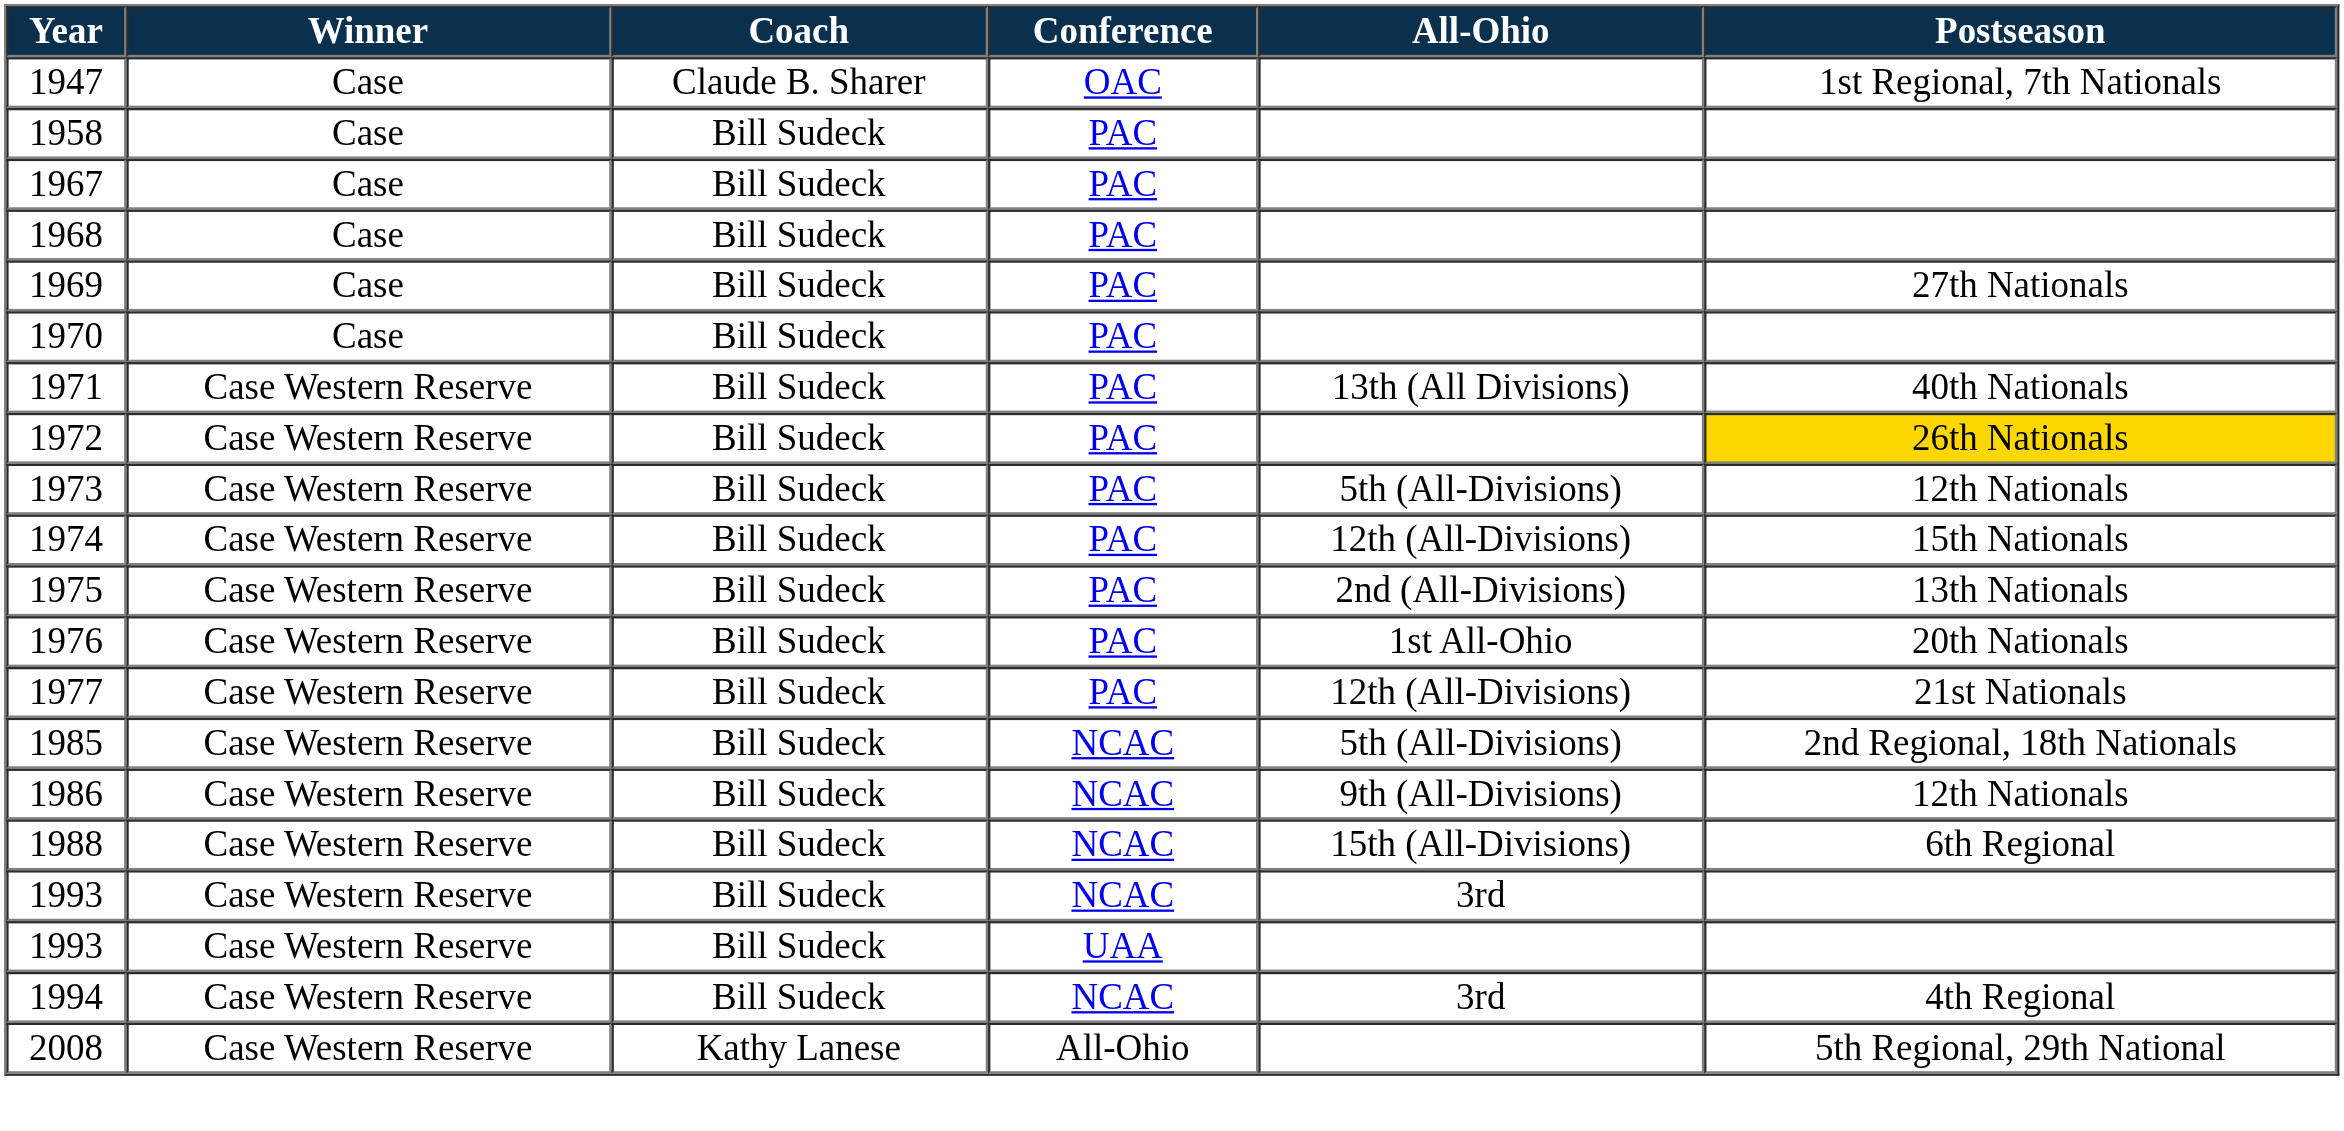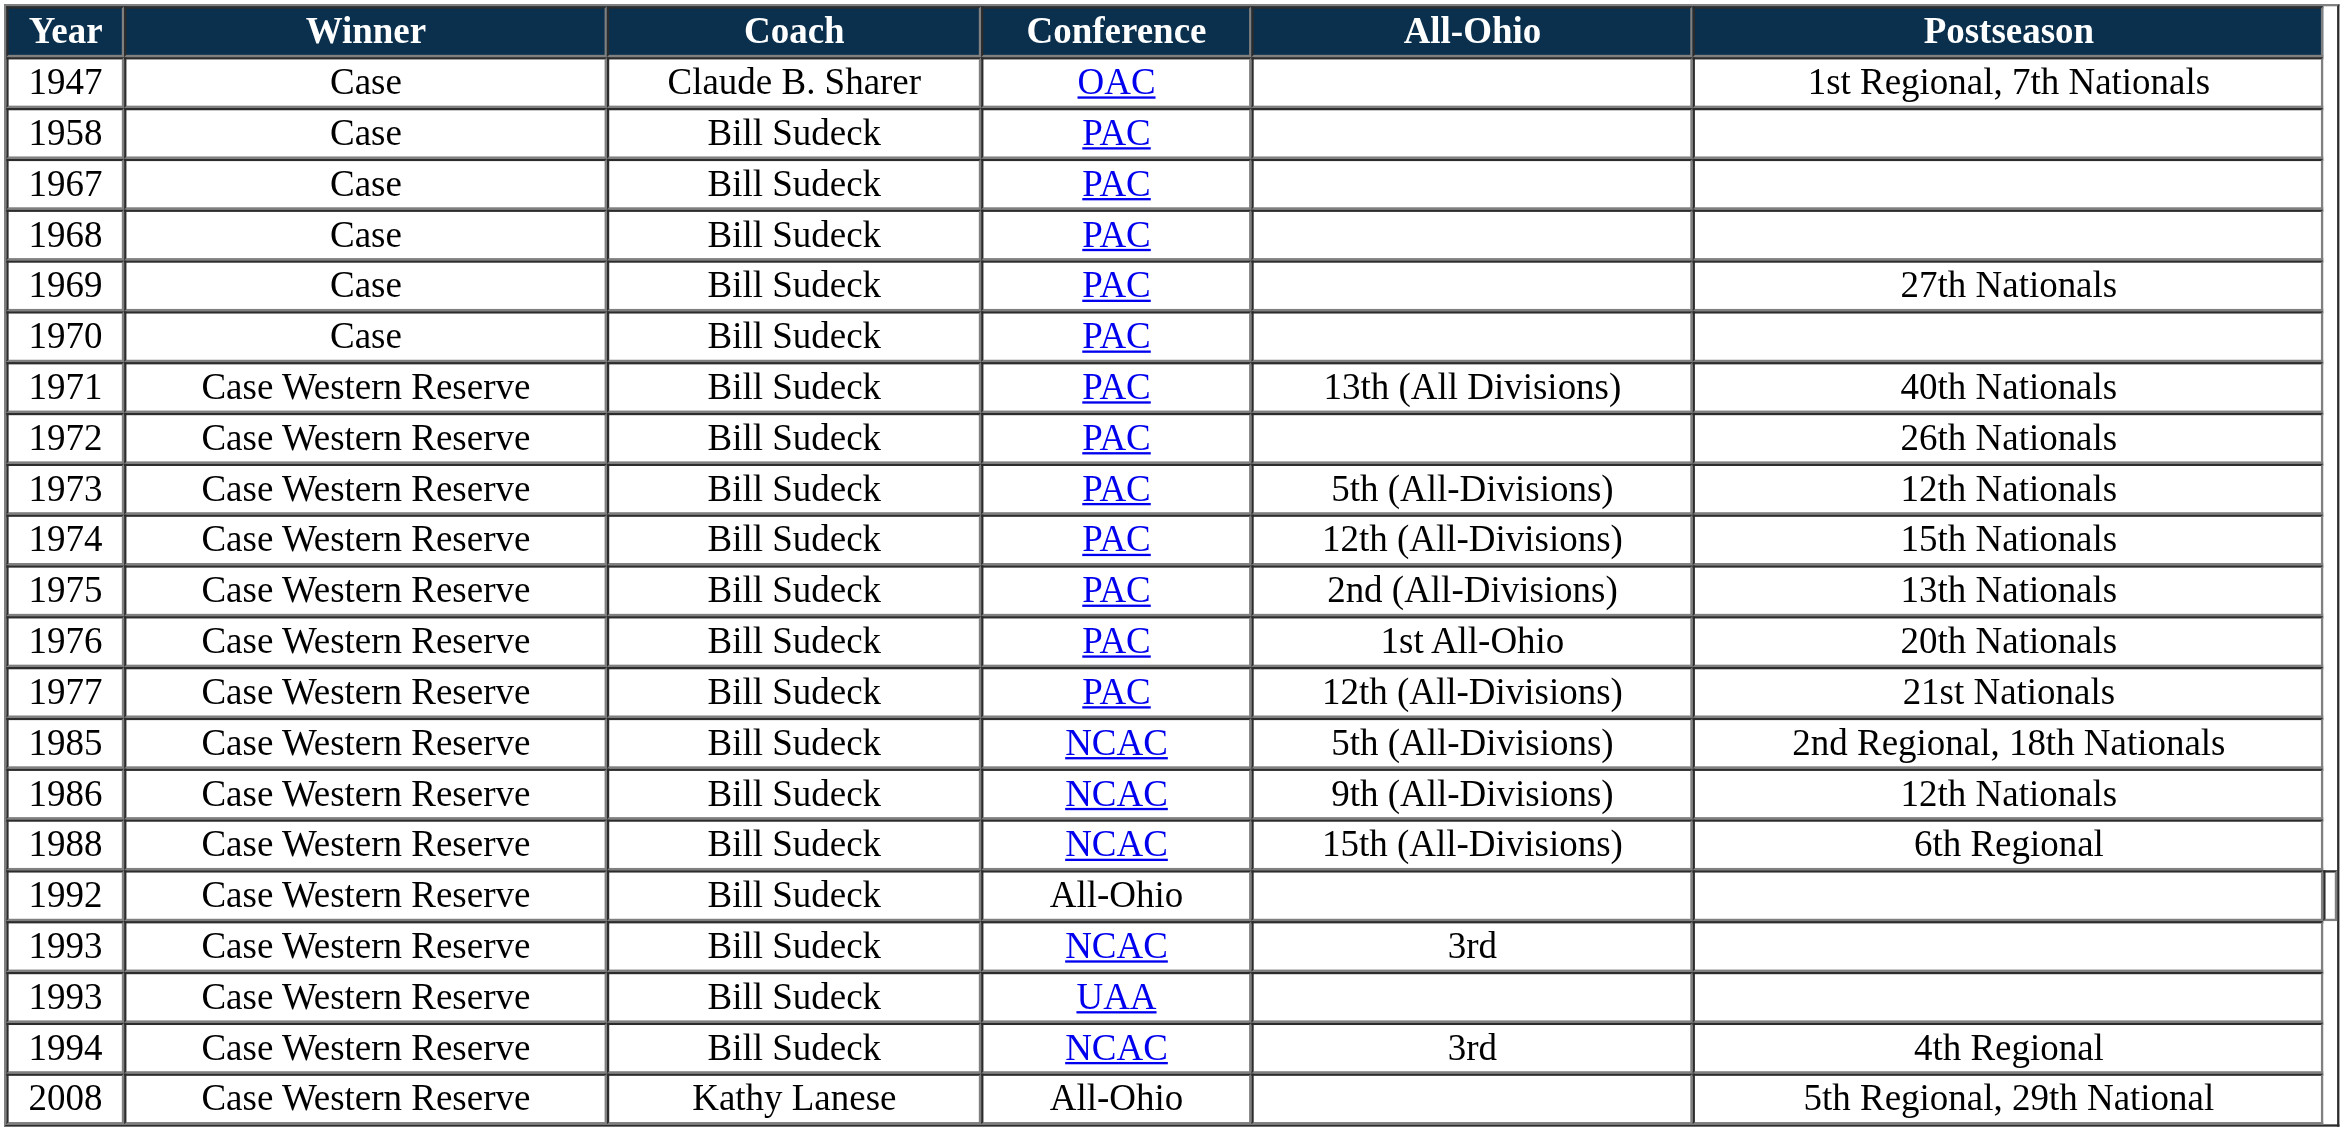 <table bcellpadding="1" border="1" cellspacing="0" style="width:80%;"valign="top">
 <tr>
 <th - style="background:#0A304E; color:white">Year</th>
 <th - style="background:#0A304E; color:white">Winner</th>
 <th - style="background:#0A304E; color:white">Coach</th>
 <th - style="background:#0A304E; color:white">Conference</th>
 <th - style="background:#0A304E; color:white">All-Ohio</th>
 <th - style="background:#0A304E; color:white">Postseason</th>
 </tr>
 <tr style="text-align:center;">
 <td>1947</td>
 <td>Case</td>
 <td>Claude B. Sharer</td>
 <td><a href='#'>OAC</a></td>
 <td></td>
 <td>1st Regional, 7th Nationals</td>
 </tr>
 <tr style="text-align:center;">
 <td>1958</td>
 <td>Case</td>
 <td>Bill Sudeck</td>
 <td><a href='#'>PAC</a></td>
 <td></td>
 <td></td>
 </tr>
 <tr style="text-align:center;">
 <td>1967</td>
 <td>Case</td>
 <td>Bill Sudeck</td>
 <td><a href='#'>PAC</a></td>
 <td></td>
 <td></td>
 </tr>
 <tr style="text-align:center;">
 <td>1968</td>
 <td>Case</td>
 <td>Bill Sudeck</td>
 <td><a href='#'>PAC</a></td>
 <td></td>
 <td></td>
 </tr>
 <tr style="text-align:center;">
 <td>1969</td>
 <td>Case</td>
 <td>Bill Sudeck</td>
 <td><a href='#'>PAC</a></td>
 <td></td>
 <td>27th Nationals</td>
 </tr>
 <tr style="text-align:center;">
 <td>1970</td>
 <td>Case</td>
 <td>Bill Sudeck</td>
 <td><a href='#'>PAC</a></td>
 <td></td>
 <td></td>
 </tr>
 <tr style="text-align:center;">
 <td>1971</td>
 <td>Case Western Reserve</td>
 <td>Bill Sudeck</td>
 <td><a href='#'>PAC</a></td>
 <td>13th (All Divisions)</td>
 <td>40th Nationals</td>
 </tr>
 <tr style="text-align:center;">
 <td>1972</td>
 <td>Case Western Reserve</td>
 <td>Bill Sudeck</td>
 <td><a href='#'>PAC</a></td>
 <td></td>
-<td style="background: gold;">26th Nationals</td>
+<td>26th Nationals</td>
 </tr>
 <tr style="text-align:center;">
 <td>1973</td>
 <td>Case Western Reserve</td>
 <td>Bill Sudeck</td>
 <td><a href='#'>PAC</a></td>
 <td>5th (All-Divisions)</td>
 <td>12th Nationals</td>
 </tr>
 <tr style="text-align:center;">
 <td>1974</td>
 <td>Case Western Reserve</td>
 <td>Bill Sudeck</td>
 <td><a href='#'>PAC</a></td>
 <td>12th (All-Divisions)</td>
 <td>15th Nationals</td>
 </tr>
 <tr style="text-align:center;">
 <td>1975</td>
 <td>Case Western Reserve</td>
 <td>Bill Sudeck</td>
 <td><a href='#'>PAC</a></td>
 <td>2nd (All-Divisions)</td>
 <td>13th Nationals</td>
 </tr>
 <tr style="text-align:center;">
 <td>1976</td>
 <td>Case Western Reserve</td>
 <td>Bill Sudeck</td>
 <td><a href='#'>PAC</a></td>
 <td>1st All-Ohio</td>
 <td>20th Nationals</td>
 </tr>
 <tr style="text-align:center;">
 <td>1977</td>
 <td>Case Western Reserve</td>
 <td>Bill Sudeck</td>
 <td><a href='#'>PAC</a></td>
 <td>12th (All-Divisions)</td>
 <td>21st Nationals</td>
 </tr>
 <tr style="text-align:center;">
 <td>1985</td>
 <td>Case Western Reserve</td>
 <td>Bill Sudeck</td>
 <td><a href='#'>NCAC</a></td>
 <td>5th (All-Divisions)</td>
 <td>2nd Regional, 18th Nationals</td>
 </tr>
 <tr style="text-align:center;">
 <td>1986</td>
 <td>Case Western Reserve</td>
 <td>Bill Sudeck</td>
 <td><a href='#'>NCAC</a></td>
 <td>9th (All-Divisions)</td>
 <td>12th Nationals</td>
 </tr>
 <tr style="text-align:center;">
 <td>1988</td>
 <td>Case Western Reserve</td>
 <td>Bill Sudeck</td>
 <td><a href='#'>NCAC</a></td>
 <td>15th (All-Divisions)</td>
 <td>6th Regional</td>
 </tr>
 <tr style="text-align:center;">
+<td>1992</td>
+<td>Case Western Reserve</td>
+<td>Bill Sudeck</td>
+<td>All-Ohio</td>
+<td></td>
+<td></td>
+<td></td>
+</tr>
+<tr style="text-align:center;">
 <td>1993</td>
 <td>Case Western Reserve</td>
 <td>Bill Sudeck</td>
 <td><a href='#'>NCAC</a></td>
 <td>3rd</td>
 <td></td>
 </tr>
 <tr style="text-align:center;">
 <td>1993</td>
 <td>Case Western Reserve</td>
 <td>Bill Sudeck</td>
 <td><a href='#'>UAA</a></td>
 <td></td>
 <td></td>
 </tr>
 <tr style="text-align:center;">
 <td>1994</td>
 <td>Case Western Reserve</td>
 <td>Bill Sudeck</td>
 <td><a href='#'>NCAC</a></td>
 <td>3rd</td>
 <td>4th Regional</td>
 </tr>
 <tr style="text-align:center;">
 <td>2008</td>
 <td>Case Western Reserve</td>
 <td>Kathy Lanese</td>
 <td>All-Ohio</td>
 <td></td>
 <td>5th Regional, 29th National</td>
 </tr>
 <tr style="text-align:center;">
 </tr>
 </table>
